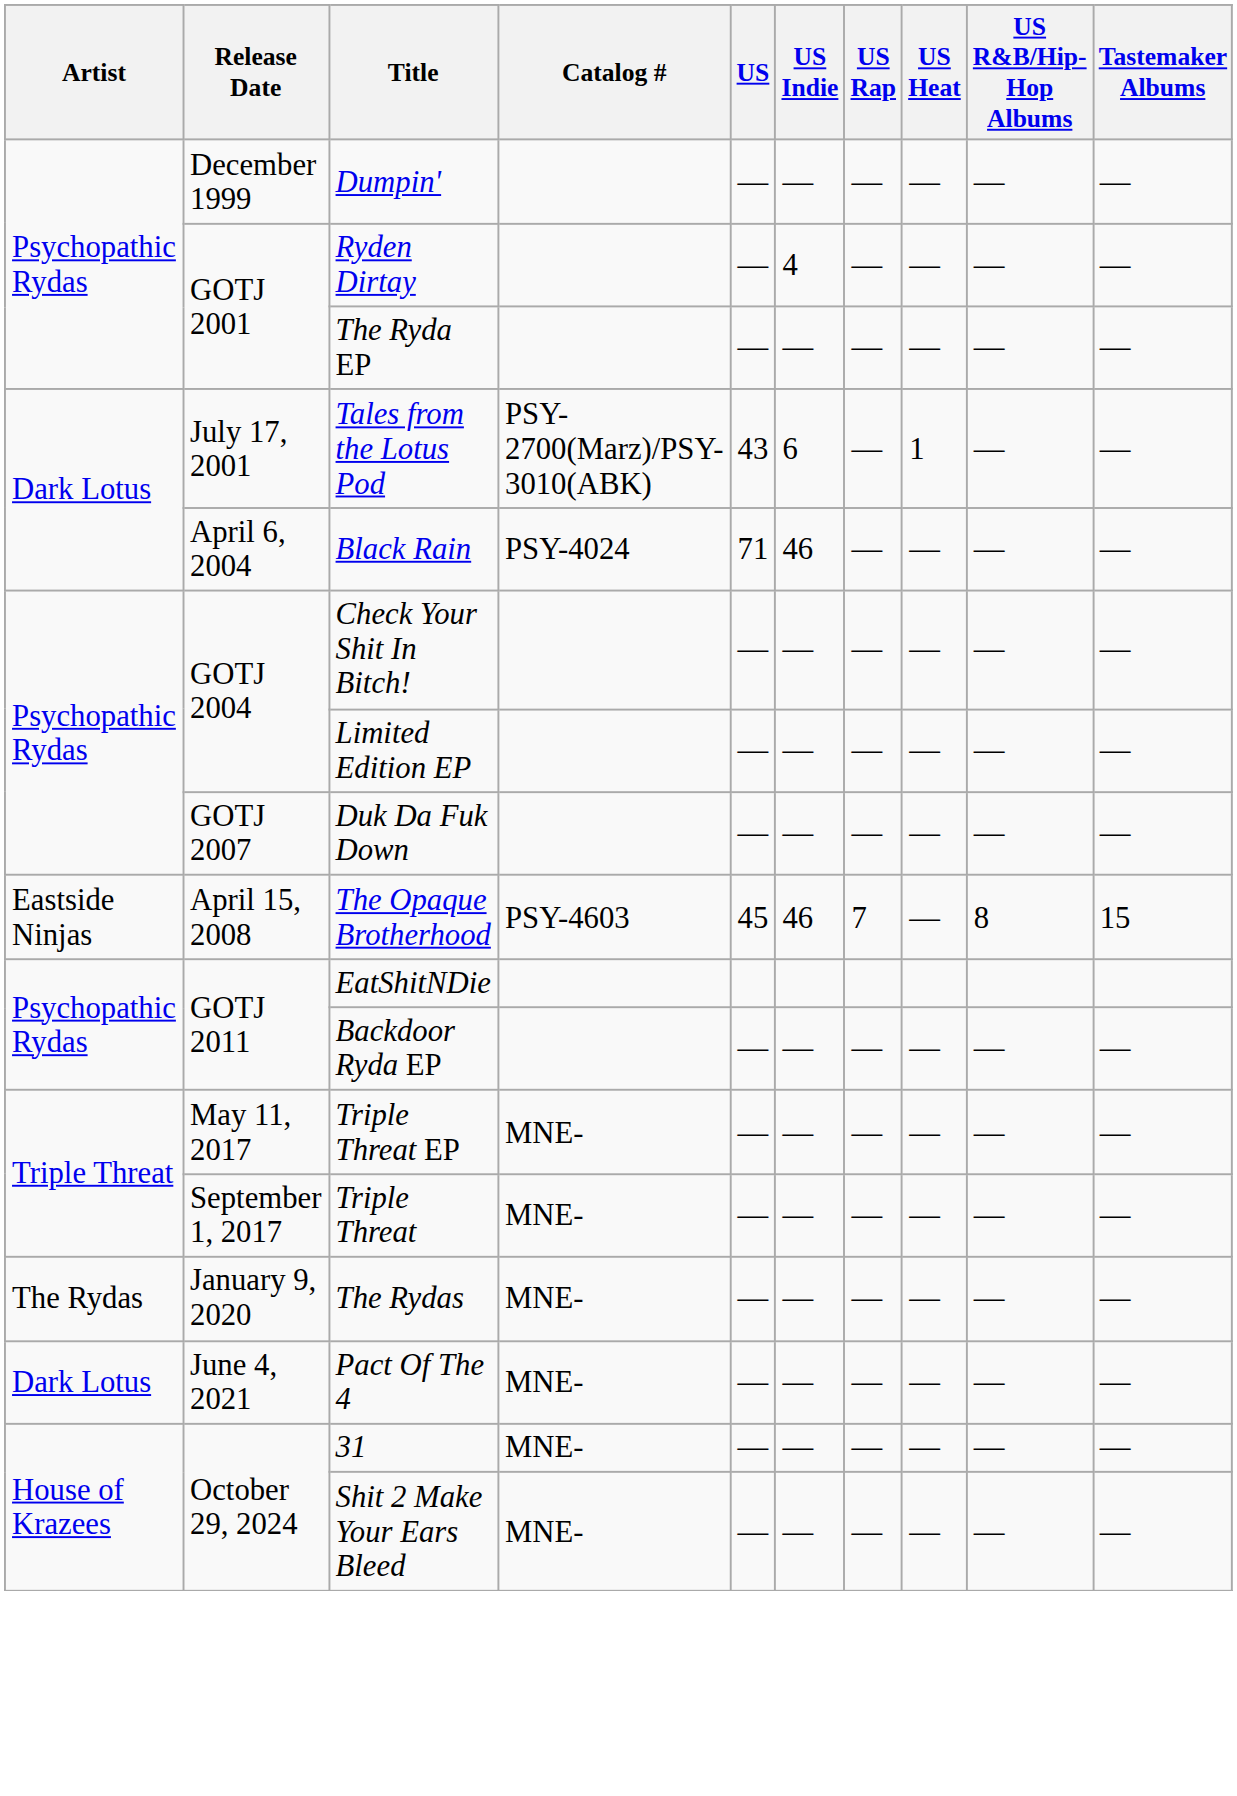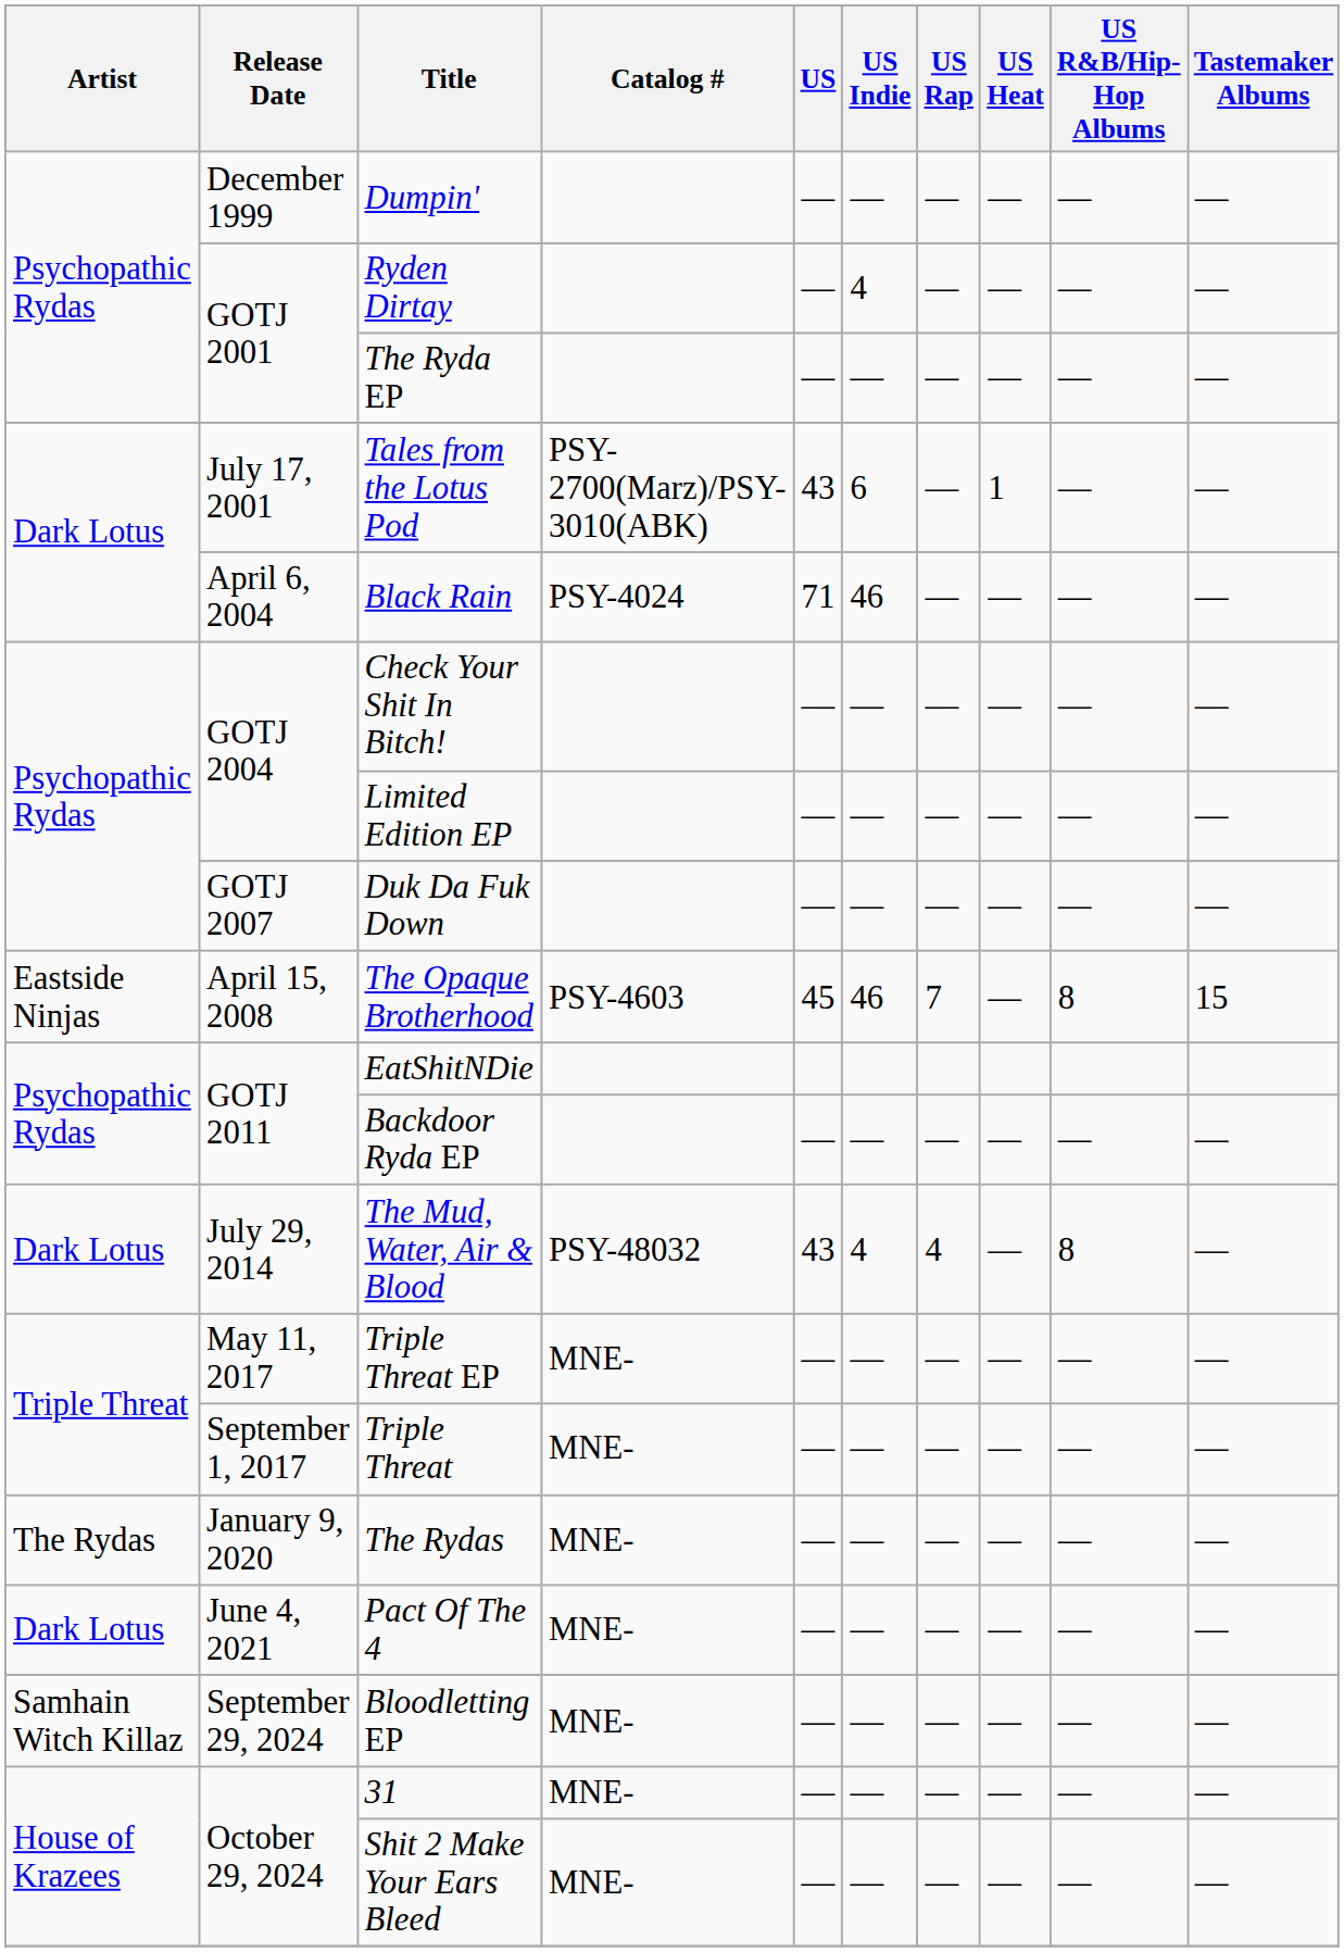 <table class="wikitable">
 <tr style="font-size:smaller;">
 <th>Artist</th>
 <th>Release Date</th>
 <th>Title</th>
 <th>Catalog #</th>
 <th style="width:30px;"><a href='#'>US</a></th>
 <th style="width:30px;"><a href='#'>US Indie</a></th>
 <th style="width:30px;"><a href='#'>US Rap</a></th>
 <th style="width:30px;"><a href='#'>US Heat</a></th>
 <th style="sidth:30px;"><a href='#'>US R&B/Hip-Hop Albums</a></th>
 <th style="sidth:30px;"><a href='#'>Tastemaker Albums</a></th>
 </tr>
 <tr>
 <td rowspan="3"><a href='#'>Psychopathic Rydas</a></td>
 <td>December 1999</td>
 <td><em><a href='#'>Dumpin'</a></em></td>
 <td></td>
 <td>—</td>
 <td>—</td>
 <td>—</td>
 <td>—</td>
 <td>—</td>
 <td>—</td>
 </tr>
 <tr>
 <td rowspan="2">GOTJ 2001</td>
 <td><em><a href='#'>Ryden Dirtay</a></em></td>
 <td></td>
 <td>—</td>
 <td>4</td>
 <td>—</td>
 <td>—</td>
 <td>—</td>
 <td>—</td>
 </tr>
 <tr>
 <td><em>The Ryda</em> EP</td>
 <td></td>
 <td>—</td>
 <td>—</td>
 <td>—</td>
 <td>—</td>
 <td>—</td>
 <td>—</td>
 </tr>
 <tr>
 <td rowspan="2"><a href='#'>Dark Lotus</a></td>
 <td>July 17, 2001</td>
 <td><em><a href='#'>Tales from the Lotus Pod</a></em></td>
 <td>PSY-2700(Marz)/PSY-3010(ABK)</td>
 <td>43</td>
 <td>6</td>
 <td>—</td>
 <td>1</td>
 <td>—</td>
 <td>—</td>
 </tr>
 <tr>
 <td>April 6, 2004</td>
 <td><em><a href='#'>Black Rain</a></em></td>
 <td>PSY-4024</td>
 <td>71</td>
 <td>46</td>
 <td>—</td>
 <td>—</td>
 <td>—</td>
 <td>—</td>
 </tr>
 <tr>
 <td rowspan="3"><a href='#'>Psychopathic Rydas</a></td>
 <td rowspan="2">GOTJ 2004</td>
 <td><em>Check Your Shit In Bitch!</em></td>
 <td></td>
 <td>—</td>
 <td>—</td>
 <td>—</td>
 <td>—</td>
 <td>—</td>
 <td>—</td>
 </tr>
 <tr>
 <td><em>Limited Edition EP</em></td>
 <td></td>
 <td>—</td>
 <td>—</td>
 <td>—</td>
 <td>—</td>
 <td>—</td>
 <td>—</td>
 </tr>
 <tr>
 <td>GOTJ 2007</td>
 <td><em>Duk Da Fuk Down</em></td>
 <td></td>
 <td>—</td>
 <td>—</td>
 <td>—</td>
 <td>—</td>
 <td>—</td>
 <td>—</td>
 </tr>
 <tr>
 <td>Eastside Ninjas</td>
 <td>April 15, 2008</td>
 <td><em><a href='#'>The Opaque Brotherhood</a></em></td>
 <td>PSY-4603</td>
 <td>45</td>
 <td>46</td>
 <td>7</td>
 <td>—</td>
 <td>8</td>
 <td>15</td>
 </tr>
 <tr>
 <td rowspan="2"><a href='#'>Psychopathic Rydas</a></td>
 <td rowspan="2">GOTJ 2011</td>
 <td><em>EatShitNDie</em></td>
 <td></td>
 <td></td>
 <td></td>
 <td></td>
 <td></td>
 <td></td>
 <td></td>
 </tr>
 <tr>
 <td><em>Backdoor Ryda</em> EP</td>
 <td></td>
 <td>—</td>
 <td>—</td>
 <td>—</td>
 <td>—</td>
 <td>—</td>
 <td>—</td>
 </tr>
 <tr>
+<td><a href='#'>Dark Lotus</a></td>
+<td>July 29, 2014</td>
+<td><em><a href='#'>The Mud, Water, Air & Blood</a></em></td>
+<td>PSY-48032</td>
+<td>43</td>
+<td>4</td>
+<td>4</td>
+<td>—</td>
+<td>8</td>
+<td>—</td>
+</tr>
+<tr>
 <td rowspan="2"><a href='#'>Triple Threat</a></td>
 <td>May 11, 2017</td>
 <td><em>Triple Threat</em> EP</td>
 <td>MNE-</td>
 <td>—</td>
 <td>—</td>
 <td>—</td>
 <td>—</td>
 <td>—</td>
 <td>—</td>
 </tr>
 <tr>
 <td>September 1, 2017</td>
 <td><em>Triple Threat</em></td>
 <td>MNE-</td>
 <td>—</td>
 <td>—</td>
 <td>—</td>
 <td>—</td>
 <td>—</td>
 <td>—</td>
 </tr>
 <tr>
 <td>The Rydas</td>
 <td>January 9, 2020</td>
 <td><em>The Rydas</em></td>
 <td>MNE-</td>
 <td>—</td>
 <td>—</td>
 <td>—</td>
 <td>—</td>
 <td>—</td>
 <td>—</td>
 </tr>
 <tr>
 <td><a href='#'>Dark Lotus</a></td>
 <td>June 4, 2021</td>
 <td><em>Pact Of The 4</em></td>
 <td>MNE-</td>
 <td>—</td>
 <td>—</td>
 <td>—</td>
 <td>—</td>
 <td>—</td>
 <td>—</td>
 </tr>
 <tr>
+<td>Samhain Witch Killaz</td>
+<td>September 29, 2024</td>
+<td><em>Bloodletting</em> EP</td>
+<td>MNE-</td>
+<td>—</td>
+<td>—</td>
+<td>—</td>
+<td>—</td>
+<td>—</td>
+<td>—</td>
+</tr>
+<tr>
 <td rowspan="2"><a href='#'>House of Krazees</a></td>
 <td rowspan="2">October 29, 2024</td>
 <td><em>31</em></td>
 <td>MNE-</td>
 <td>—</td>
 <td>—</td>
 <td>—</td>
 <td>—</td>
 <td>—</td>
 <td>—</td>
 </tr>
 <tr>
 <td><em>Shit 2 Make Your Ears Bleed</em></td>
 <td>MNE-</td>
 <td>—</td>
 <td>—</td>
 <td>—</td>
 <td>—</td>
 <td>—</td>
 <td>—</td>
 </tr>
 <tr>
 </tr>
 </table>
